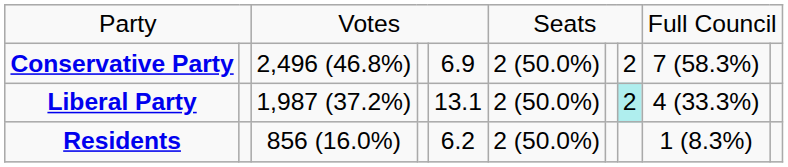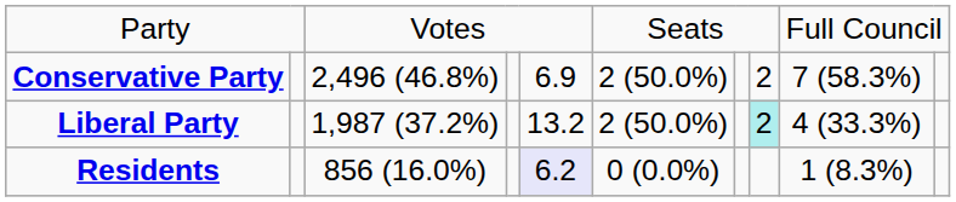 <table class=wikitable style="text-align:center;">
 <tr>
 <td colspan=2>Party</td>
 <td colspan=3>Votes</td>
 <td colspan=3>Seats</td>
 <td colspan=3>Full Council</td>
 </tr>
 <tr>
 <td><strong><a href='#'>Conservative Party</a></strong></td>
 <td style="background:"></td>
 <td>2,496 (46.8%)</td>
 <td></td>
 <td> 6.9</td>
 <td>2 (50.0%)</td>
 <td></td>
 <td> 2</td>
 <td>7 (58.3%)</td>
 <td></td>
 </tr>
 <tr>
 <td><strong><a href='#'>Liberal Party</a></strong></td>
 <td style="background:"></td>
 <td>1,987 (37.2%)</td>
 <td></td>
-<td> 13.1</td>
+<td> 13.2</td>
 <td>2 (50.0%)</td>
 <td></td>
 <td style="background: paleturquoise;"> 2</td>
 <td>4 (33.3%)</td>
 <td></td>
 </tr>
 <tr>
 <td><strong><a href='#'>Residents</a></strong></td>
 <td style="background:"></td>
 <td>856 (16.0%)</td>
 <td></td>
-<td> 6.2</td>
-<td>2 (50.0%)</td>
+<td style="background: lavender;"> 6.2</td>
+<td>0 (0.0%)</td>
 <td></td>
 <td></td>
 <td>1 (8.3%)</td>
 <td></td>
 </tr>
 </table>
